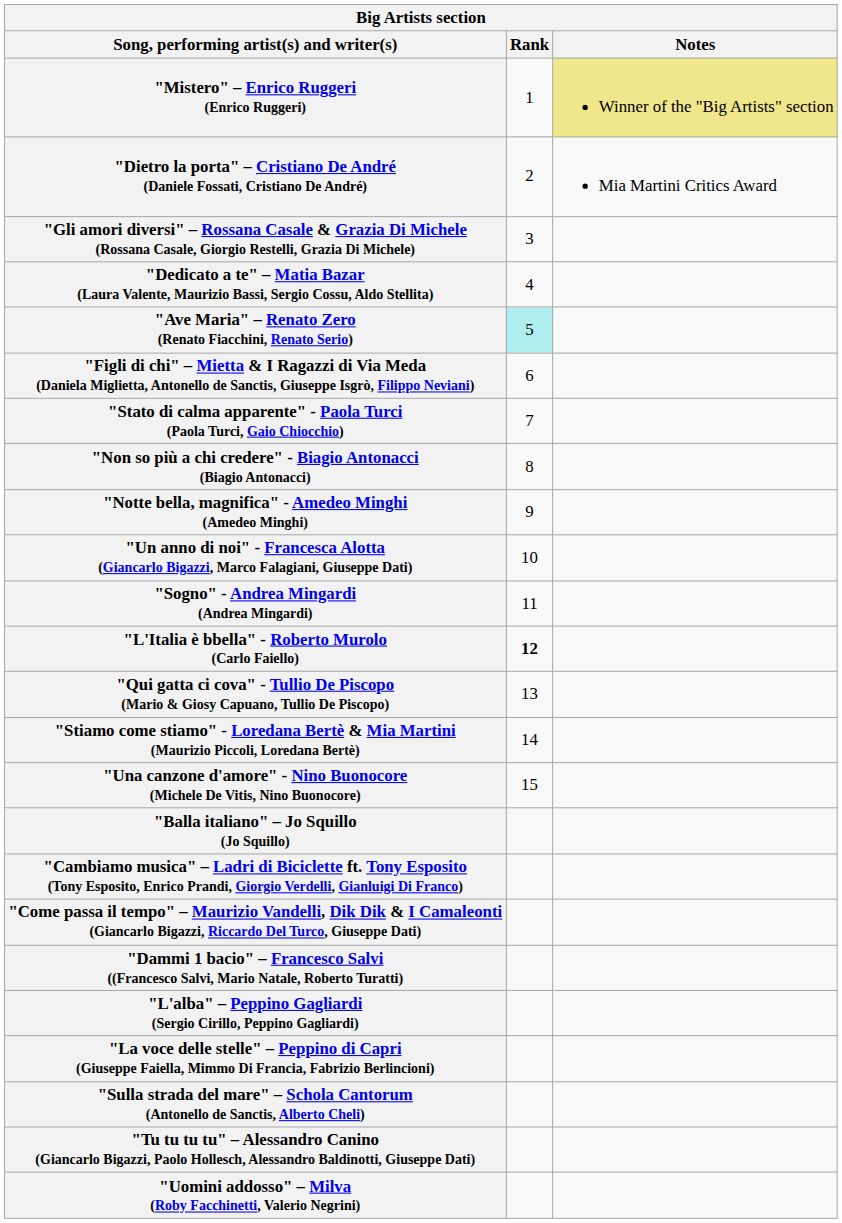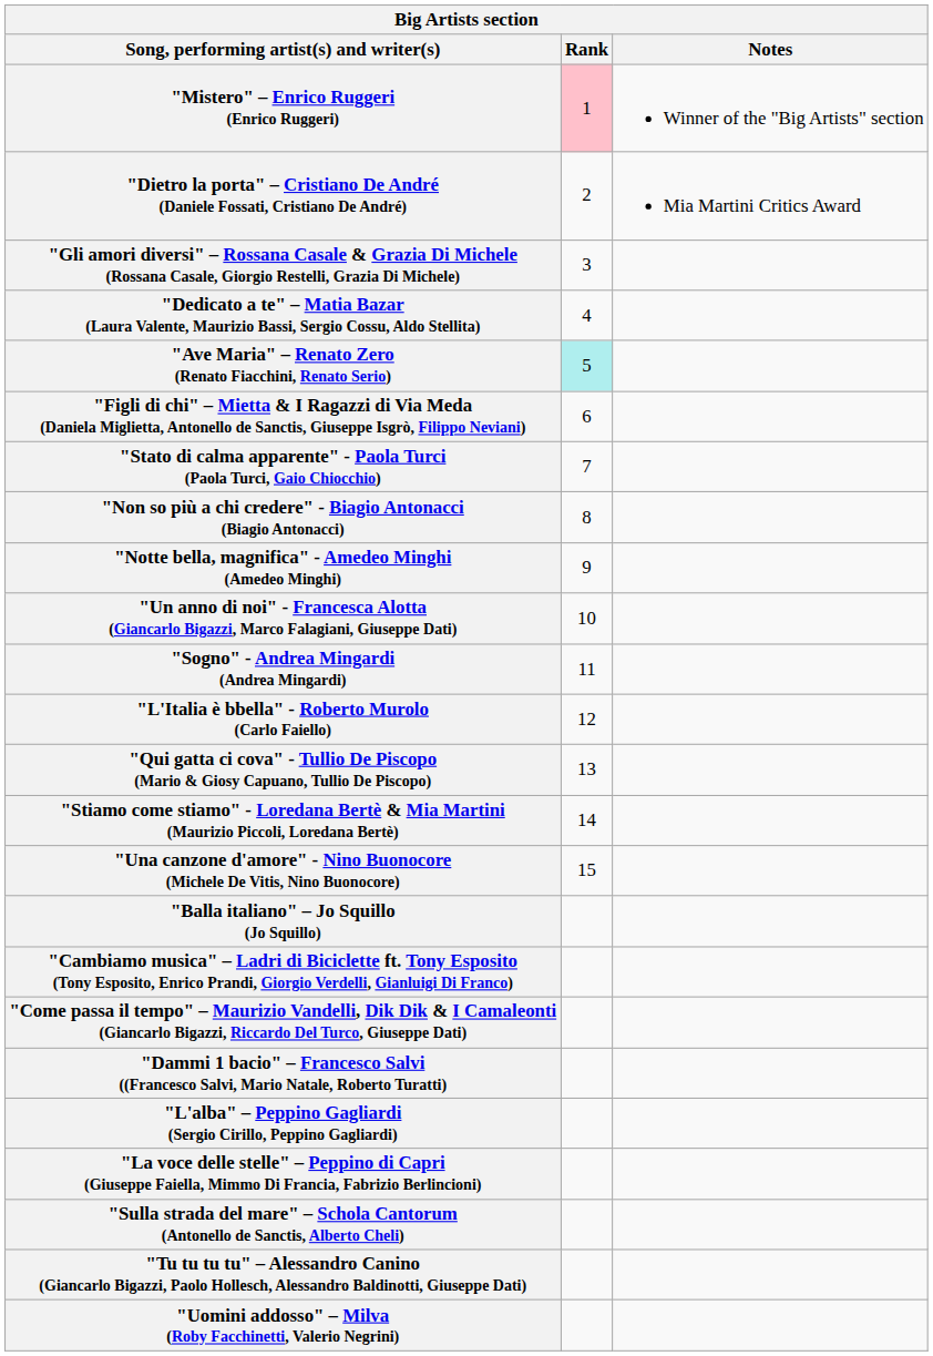 <table class="plainrowheaders wikitable">
 <tr>
 <th colspan="3">Big Artists section </th>
 </tr>
 <tr>
 <th>Song, performing artist(s) and writer(s)</th>
 <th>Rank</th>
 <th>Notes</th>
 </tr>
 <tr>
 <th scope="row">"Mistero" –  <a href='#'>Enrico Ruggeri</a>  <br><small>(Enrico Ruggeri)</small></th>
-<td style="text-align:center;">1</td>
-<td style="background: khaki;"><br><ul><li>Winner of the "Big Artists" section</li></ul></td>
+<td style="background: pink; text-align:center;">1</td>
+<td><br><ul><li>Winner of the "Big Artists" section</li></ul></td>
 </tr>
 <tr>
 <th scope="row">"Dietro la porta" – <a href='#'>Cristiano De André</a> <br><small>(Daniele Fossati, Cristiano De André)</small></th>
 <td style="text-align:center;">2</td>
 <td><br><ul><li>Mia Martini Critics Award</li></ul></td>
 </tr>
 <tr>
 <th scope="row">"Gli amori diversi" – <a href='#'>Rossana Casale</a> & <a href='#'>Grazia Di Michele</a>  <br><small>(Rossana Casale, Giorgio Restelli, Grazia Di Michele)</small></th>
 <td style="text-align:center;">3</td>
 <td></td>
 </tr>
 <tr>
 <th scope="row">"Dedicato a te" – <a href='#'>Matia Bazar</a><br><small>(Laura Valente, Maurizio Bassi, Sergio Cossu, Aldo Stellita)</small></th>
 <td style="text-align:center;">4</td>
 <td></td>
 </tr>
 <tr>
 <th scope="row">"Ave Maria" –  <a href='#'>Renato Zero</a> <br><small>(Renato Fiacchini, <a href='#'>Renato Serio</a>)</small></th>
 <td style="background: paleturquoise; text-align:center;">5</td>
 <td></td>
 </tr>
 <tr>
 <th scope="row">"Figli di chi"  – <a href='#'>Mietta</a> & I Ragazzi di Via Meda   <br><small>(Daniela Miglietta, Antonello de Sanctis, Giuseppe Isgrò, <a href='#'>Filippo Neviani</a>)</small></th>
 <td style="text-align:center;">6</td>
 <td></td>
 </tr>
 <tr>
 <th scope="row">"Stato di calma apparente" -  <a href='#'>Paola Turci</a> <br><small>(Paola Turci, <a href='#'>Gaio Chiocchio</a>)</small></th>
 <td style="text-align:center;">7</td>
 <td></td>
 </tr>
 <tr>
 <th scope="row">"Non so più a chi credere" -  <a href='#'>Biagio Antonacci</a> <br><small> (Biagio Antonacci)</small></th>
 <td style="text-align:center;">8</td>
 <td></td>
 </tr>
 <tr>
 <th scope="row">"Notte bella, magnifica" -  <a href='#'>Amedeo Minghi</a>  <br><small>(Amedeo Minghi) </small></th>
 <td style="text-align:center;">9</td>
 <td></td>
 </tr>
 <tr>
 <th scope="row">"Un anno di noi" - <a href='#'>Francesca Alotta</a>  <br><small>(<a href='#'>Giancarlo Bigazzi</a>, Marco Falagiani, Giuseppe Dati)</small></th>
 <td style="text-align:center;">10</td>
 <td></td>
 </tr>
 <tr>
 <th scope="row">"Sogno" - <a href='#'>Andrea Mingardi</a> <br><small> (Andrea Mingardi)</small></th>
 <td style="text-align:center;">11</td>
 <td></td>
 </tr>
 <tr>
 <th scope="row">"L'Italia è bbella" -  <a href='#'>Roberto Murolo</a><br><small>(Carlo Faiello)</small></th>
-<td style="text-align:center;"><strong>12</strong></td>
+<td style="text-align:center;">12</td>
 <td></td>
 </tr>
 <tr>
 <th scope="row">"Qui gatta ci cova" - <a href='#'>Tullio De Piscopo</a>   <br><small>(Mario & Giosy Capuano, Tullio De Piscopo)</small></th>
 <td style="text-align:center;">13</td>
 <td></td>
 </tr>
 <tr>
 <th scope="row">"Stiamo come stiamo" - <a href='#'>Loredana Bertè</a> & <a href='#'>Mia Martini</a>  <br><small>(Maurizio Piccoli, Loredana Bertè)</small></th>
 <td style="text-align:center;">14</td>
 <td></td>
 </tr>
 <tr>
 <th scope="row">"Una canzone d'amore" - <a href='#'>Nino Buonocore</a>  <br><small>(Michele De Vitis, Nino Buonocore)</small></th>
 <td style="text-align:center;">15</td>
 <td></td>
 </tr>
 <tr>
 <th scope="row">"Balla italiano" – Jo Squillo <br><small>(Jo Squillo)</small></th>
 <td></td>
 <td></td>
 </tr>
 <tr>
 <th scope="row">"Cambiamo musica" – <a href='#'>Ladri di Biciclette</a> ft. <a href='#'>Tony Esposito</a> <br><small>(Tony Esposito, Enrico Prandi, <a href='#'>Giorgio Verdelli</a>, <a href='#'>Gianluigi Di Franco</a>)</small></th>
 <td></td>
 <td></td>
 </tr>
 <tr>
 <th scope="row">"Come passa il tempo" – <a href='#'>Maurizio Vandelli</a>, <a href='#'>Dik Dik</a> & <a href='#'>I Camaleonti</a> <br><small>(Giancarlo Bigazzi, <a href='#'>Riccardo Del Turco</a>, Giuseppe Dati)</small></th>
 <td></td>
 <td></td>
 </tr>
 <tr>
 <th scope="row">"Dammi 1 bacio" –  <a href='#'>Francesco Salvi</a> <br><small>((Francesco Salvi, Mario Natale, Roberto Turatti)</small></th>
 <td></td>
 <td></td>
 </tr>
 <tr>
 <th scope="row">"L'alba" – <a href='#'>Peppino Gagliardi</a> <br><small>(Sergio Cirillo, Peppino Gagliardi)</small></th>
 <td></td>
 <td></td>
 </tr>
 <tr>
 <th scope="row">"La voce delle stelle" – <a href='#'>Peppino di Capri</a> <br><small>(Giuseppe Faiella, Mimmo Di Francia, Fabrizio Berlincioni)</small></th>
 <td></td>
 <td></td>
 </tr>
 <tr>
 <th scope="row">"Sulla strada del mare" – <a href='#'>Schola Cantorum</a> <br><small>(Antonello de Sanctis, <a href='#'>Alberto Cheli</a>)</small></th>
 <td></td>
 <td></td>
 </tr>
 <tr>
 <th scope="row">"Tu tu tu tu" – Alessandro Canino <br><small>(Giancarlo Bigazzi, Paolo Hollesch, Alessandro Baldinotti, Giuseppe Dati)</small></th>
 <td></td>
 <td></td>
 </tr>
 <tr>
 <th scope="row">"Uomini addosso" – <a href='#'>Milva</a> <br><small>(<a href='#'>Roby Facchinetti</a>, Valerio Negrini)</small></th>
 <td></td>
 <td></td>
 </tr>
 </table>
